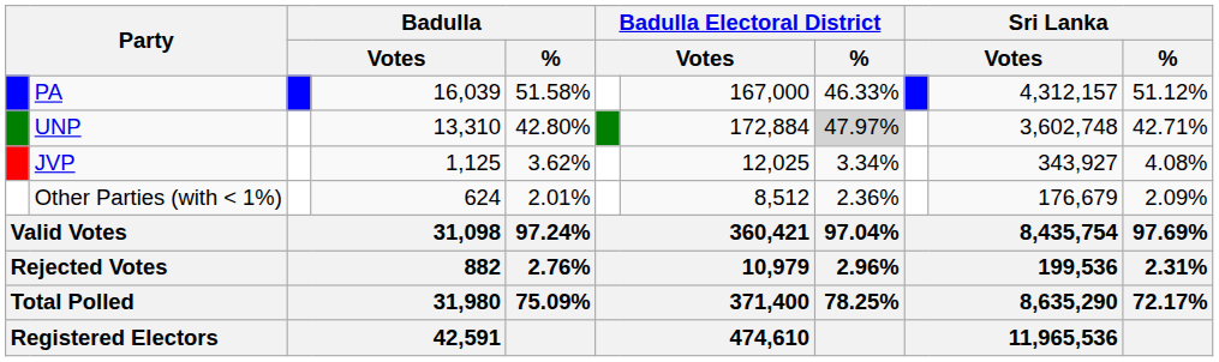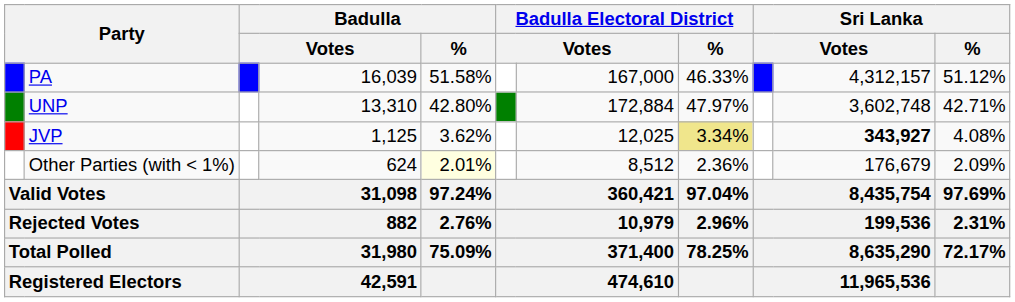 <table class="wikitable">
 <tr>
 <th colspan="2" width="144px"rowspan="2">Party</th>
 <th colspan="3" width="216px">Badulla</th>
 <th colspan="3" width="216px"><a href='#'>Badulla Electoral District</a></th>
 <th colspan="3" width="216px">Sri Lanka</th>
 </tr>
 <tr>
 <th colspan="2" width="144px">Votes</th>
 <th>%</th>
 <th colspan="2" width="144px">Votes</th>
 <th>%</th>
 <th colspan="2" width="144px">Votes</th>
 <th>%</th>
 </tr>
 <tr>
 <td style="background-color:blue;" width="10px"></td>
 <td style="text-align:left;"><a href='#'>PA</a></td>
 <td style="background-color:blue;" width="10px"></td>
 <td style="text-align:right;">16,039</td>
 <td style="text-align:right;">51.58%</td>
 <td style="background-color:white;" width="10px"></td>
 <td style="text-align:right;">167,000</td>
 <td style="text-align:right;">46.33%</td>
 <td style="background-color:blue;" width="10px"></td>
 <td style="text-align:right;">4,312,157</td>
 <td style="text-align:right;">51.12%</td>
 </tr>
 <tr>
 <td style="background-color:green;" width="10px"></td>
 <td style="text-align:left;"><a href='#'>UNP</a></td>
 <td style="background-color:white;" width="10px"></td>
 <td style="text-align:right;">13,310</td>
 <td style="text-align:right;">42.80%</td>
 <td style="background-color:green;" width="10px"></td>
 <td style="text-align:right;">172,884</td>
-<td style="background: lightgrey; text-align:right;">47.97%</td>
+<td style="text-align:right;">47.97%</td>
 <td style="background-color:white;" width="10px"></td>
 <td style="text-align:right;">3,602,748</td>
 <td style="text-align:right;">42.71%</td>
 </tr>
 <tr>
 <td style="background-color:red;" width="10px"></td>
 <td style="text-align:left;"><a href='#'>JVP</a></td>
 <td style="background-color:white;" width="10px"></td>
 <td style="text-align:right;">1,125</td>
 <td style="text-align:right;">3.62%</td>
 <td style="background-color:white;" width="10px"></td>
 <td style="text-align:right;">12,025</td>
-<td style="text-align:right;">3.34%</td>
+<td style="background: khaki; text-align:right;">3.34%</td>
 <td style="background-color:white;" width="10px"></td>
-<td style="text-align:right;">343,927</td>
+<td style="text-align:right;"><strong>343,927</strong></td>
 <td style="text-align:right;">4.08%</td>
 </tr>
 <tr>
 <td style="background-color:white;" width="10px"></td>
 <td style="text-align:left;">Other Parties (with < 1%)</td>
 <td style="background-color:white;" width="10px"></td>
 <td style="text-align:right;">624</td>
-<td style="text-align:right;">2.01%</td>
+<td style="background: lightyellow; text-align:right;">2.01%</td>
 <td style="background-color:white;" width="10px"></td>
 <td style="text-align:right;">8,512</td>
 <td style="text-align:right;">2.36%</td>
 <td style="background-color:white;" width="10px"></td>
 <td style="text-align:right;">176,679</td>
 <td style="text-align:right;">2.09%</td>
 </tr>
 <tr>
 <th colspan="2" width="144px"style="text-align:left;">Valid Votes</th>
 <th style="text-align:right;"colspan="2" width="144px">31,098</th>
 <th style="text-align:right;">97.24%</th>
 <th style="text-align:right;"colspan="2" width="144px">360,421</th>
 <th style="text-align:right;">97.04%</th>
 <th style="text-align:right;"colspan="2" width="144px">8,435,754</th>
 <th style="text-align:right;">97.69%</th>
 </tr>
 <tr>
 <th colspan="2" width="144px"style="text-align:left;">Rejected Votes</th>
 <th style="text-align:right;"colspan="2" width="144px">882</th>
 <th style="text-align:right;">2.76%</th>
 <th style="text-align:right;"colspan="2" width="144px">10,979</th>
 <th style="text-align:right;">2.96%</th>
 <th style="text-align:right;"colspan="2" width="144px">199,536</th>
 <th style="text-align:right;">2.31%</th>
 </tr>
 <tr>
 <th colspan="2" width="144px"style="text-align:left;">Total Polled</th>
 <th style="text-align:right;"colspan="2" width="144px">31,980</th>
 <th style="text-align:right;">75.09%</th>
 <th style="text-align:right;"colspan="2" width="144px">371,400</th>
 <th style="text-align:right;">78.25%</th>
 <th style="text-align:right;"colspan="2" width="144px">8,635,290</th>
 <th style="text-align:right;">72.17%</th>
 </tr>
 <tr>
 <th colspan="2" width="144px"style="text-align:left;">Registered Electors</th>
 <th style="text-align:right;"colspan="2" width="144px">42,591</th>
 <th></th>
 <th style="text-align:right;"colspan="2" width="144px">474,610</th>
 <th></th>
 <th style="text-align:right;"colspan="2" width="144px">11,965,536</th>
 <th></th>
 </tr>
 </table>
